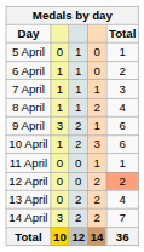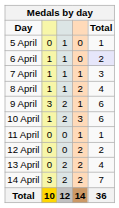 <table class="wikitable" style="font-size:85%;float:right;text-align:center">
 <tr>
 <th colspan=5>Medals by day</th>
 </tr>
 <tr align=center>
 <td><strong>Day</strong></td>
 <td bgcolor=#f7f6a8></td>
 <td bgcolor=#dce5e5></td>
 <td bgcolor=#ffdab9></td>
 <td><strong>Total</strong></td>
 </tr>
 <tr align=centre>
 <td>5 April</td>
 <td bgcolor=#f7f6a8>0</td>
 <td bgcolor=#dce5e5>1</td>
 <td bgcolor=#ffdab9>0</td>
 <td>1</td>
 </tr>
 <tr align=center>
 <td>6 April</td>
 <td bgcolor=#f7f6a8>1</td>
 <td bgcolor=#dce5e5>1</td>
 <td bgcolor=#ffdab9>0</td>
-<td>2</td>
+<td style="background: lavender;">2</td>
 </tr>
 <tr align=center>
 <td>7 April</td>
 <td bgcolor=#f7f6a8>1</td>
 <td bgcolor=#dce5e5>1</td>
 <td bgcolor=#ffdab9>1</td>
 <td>3</td>
 </tr>
 <tr align=center>
 <td>8 April</td>
 <td bgcolor=#f7f6a8>1</td>
 <td bgcolor=#dce5e5>1</td>
 <td bgcolor=#ffdab9>2</td>
 <td>4</td>
 </tr>
 <tr align=center>
 <td>9 April</td>
 <td bgcolor=#f7f6a8>3</td>
 <td bgcolor=#dce5e5>2</td>
 <td bgcolor=#ffdab9>1</td>
 <td>6</td>
 </tr>
 <tr align=center>
 <td>10 April</td>
 <td bgcolor=#f7f6a8>1</td>
 <td bgcolor=#dce5e5>2</td>
 <td bgcolor=#ffdab9>3</td>
 <td>6</td>
 </tr>
 <tr align=center>
 <td>11 April</td>
 <td bgcolor=#f7f6a8>0</td>
 <td bgcolor=#dce5e5>0</td>
 <td bgcolor=#ffdab9>1</td>
 <td>1</td>
 </tr>
 <tr align=center>
 <td>12 April</td>
 <td bgcolor=#f7f6a8>0</td>
 <td bgcolor=#dce5e5>0</td>
 <td bgcolor=#ffdab9>2</td>
-<td style="background: lightsalmon;">2</td>
+<td>2</td>
 </tr>
 <tr align=center>
 <td>13 April</td>
 <td bgcolor=#f7f6a8>0</td>
 <td bgcolor=#dce5e5>2</td>
 <td bgcolor=#ffdab9>2</td>
 <td>4</td>
 </tr>
 <tr align=center>
 <td>14 April</td>
 <td bgcolor=#f7f6a8>3</td>
 <td bgcolor=#dce5e5>2</td>
 <td bgcolor=#ffdab9>2</td>
 <td>7</td>
 </tr>
 <tr align=center>
 <th bgcolor=#efefef>Total</th>
 <th style="background:gold;">10</th>
 <th style="background:silver;">12</th>
 <th style="background:#c96;">14</th>
 <th>36</th>
 </tr>
 </table>
